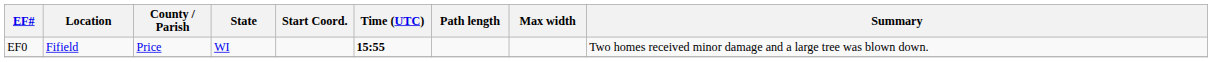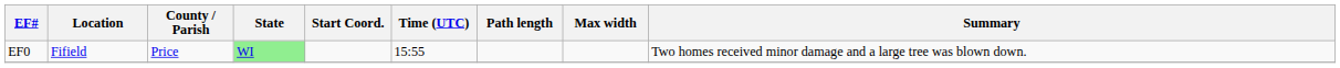 <table class="wikitable sortable" style="width:100%;">
 <tr>
 <th scope="col"  style="width:3%; text-align:center;"><a href='#'>EF#</a></th>
 <th scope="col"  style="width:7%; text-align:center;" class="unsortable">Location</th>
 <th scope="col"  style="width:6%; text-align:center;" class="unsortable">County / Parish</th>
 <th scope="col"  style="width:5%; text-align:center;">State</th>
 <th scope="col"  style="width:6%; text-align:center;">Start Coord.</th>
 <th scope="col"  style="width:6%; text-align:center;">Time (<a href='#'>UTC</a>)</th>
 <th scope="col"  style="width:6%; text-align:center;">Path length</th>
 <th scope="col"  style="width:6%; text-align:center;">Max width</th>
 <th scope="col" class="unsortable" style="width:48%; text-align:center;">Summary</th>
 </tr>
 <tr>
 <td>EF0</td>
 <td><a href='#'>Fifield</a></td>
 <td><a href='#'>Price</a></td>
-<td><a href='#'>WI</a></td>
+<td style="background: lightgreen;"><a href='#'>WI</a></td>
 <td></td>
-<td><strong>15:55</strong></td>
+<td>15:55</td>
 <td></td>
 <td></td>
 <td>Two homes received minor damage and a large tree was blown down.</td>
 </tr>
 <tr>
 </tr>
 </table>
